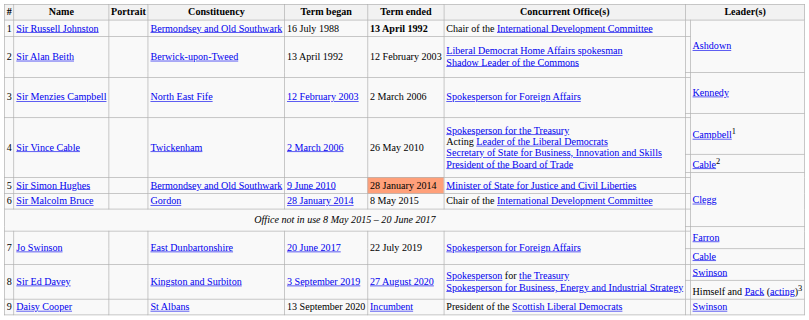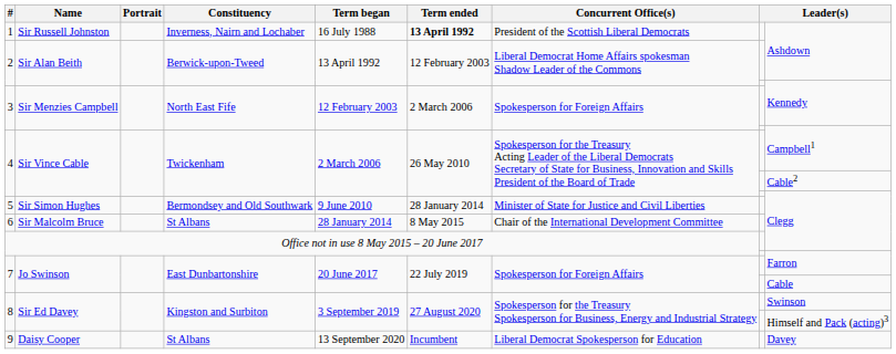 <table class="wikitable">
 <tr>
 <th>#</th>
 <th>Name</th>
 <th>Portrait</th>
 <th>Constituency</th>
 <th>Term began</th>
 <th>Term ended</th>
 <th>Concurrent Office(s)</th>
 <th colspan=2>Leader(s)</th>
 </tr>
 <tr>
 <td>1</td>
 <td><a href='#'>Sir Russell Johnston</a><br></td>
 <td></td>
-<td><a href='#'>Bermondsey and Old Southwark</a></td>
+<td><a href='#'>Inverness, Nairn and Lochaber</a></td>
 <td>16 July 1988</td>
 <td><strong>13 April 1992</strong></td>
-<td>Chair of the <a href='#'>International Development Committee</a></td>
+<td>President of the <a href='#'>Scottish Liberal Democrats</a></td>
 <td style="background-color: "></td>
 <td rowspan=2><a href='#'>Ashdown</a></td>
 </tr>
 <tr>
 <td rowspan=2>2</td>
 <td rowspan=2><a href='#'>Sir Alan Beith</a><br></td>
 <td rowspan=2></td>
 <td rowspan=2><a href='#'>Berwick-upon-Tweed</a></td>
 <td rowspan=2>13 April 1992</td>
 <td rowspan=2>12 February 2003</td>
 <td rowspan=2><a href='#'>Liberal Democrat Home Affairs spokesman</a><br><a href='#'>Shadow Leader of the Commons</a></td>
 <td height=50 style="background-color: "></td>
 </tr>
 <tr>
 <td style="background-color: "></td>
 <td rowspan=2><a href='#'>Kennedy</a></td>
 </tr>
 <tr>
 <td rowspan=2>3</td>
 <td rowspan=2><a href='#'>Sir Menzies Campbell</a><br></td>
 <td rowspan=2></td>
 <td rowspan=2><a href='#'>North East Fife</a></td>
 <td rowspan=2><a href='#'>12 February 2003</a></td>
 <td rowspan=2>2 March 2006</td>
 <td rowspan=2><a href='#'>Spokesperson for Foreign Affairs</a></td>
 <td height=50 style="background-color: "></td>
 </tr>
 <tr>
 <td style="background-color: "></td>
 <td rowspan=2><a href='#'>Campbell</a><sup>1</sup></td>
 </tr>
 <tr>
 <td rowspan=3>4</td>
 <td rowspan=3><a href='#'>Sir Vince Cable</a><br></td>
 <td rowspan=3></td>
 <td rowspan=3><a href='#'>Twickenham</a></td>
 <td rowspan=3><a href='#'>2 March 2006</a></td>
 <td rowspan=3>26 May 2010</td>
 <td rowspan=3><a href='#'>Spokesperson for the Treasury</a><br>Acting <a href='#'>Leader of the Liberal Democrats</a><br><a href='#'>Secretary of State for Business, Innovation and Skills</a><br><a href='#'>President of the Board of Trade</a></td>
 <td height=50 style="background-color: "></td>
 </tr>
 <tr>
 <td style="background-color: "></td>
 <td><a href='#'>Cable</a><sup>2</sup></td>
 </tr>
 <tr>
 <td style="background-color: "></td>
 <td rowspan=4><a href='#'>Clegg</a></td>
 </tr>
 <tr>
 <td>5</td>
 <td><a href='#'>Sir Simon Hughes</a><br></td>
 <td></td>
 <td><a href='#'>Bermondsey and Old Southwark</a></td>
 <td><a href='#'>9 June 2010</a></td>
-<td style="background: lightsalmon;">28 January 2014</td>
+<td>28 January 2014</td>
 <td><a href='#'>Minister of State for Justice and Civil Liberties</a></td>
 <td style="background-color: "></td>
 </tr>
 <tr>
 <td>6</td>
 <td><a href='#'>Sir Malcolm Bruce</a><br></td>
 <td></td>
-<td><a href='#'>Gordon</a></td>
+<td><a href='#'>St Albans</a></td>
 <td><a href='#'>28 January 2014</a></td>
 <td>8 May 2015</td>
 <td>Chair of the <a href='#'>International Development Committee</a></td>
 <td style="background-color: "></td>
 </tr>
 <tr>
 <td colspan="7" rowspan="2" style="text-align:center;"><em>Office not in use 8 May 2015 – 20 June 2017</em></td>
 <td height=20 style="background-color: "></td>
 </tr>
 <tr>
 <td style="background-color: "></td>
 <td rowspan=2><a href='#'>Farron</a></td>
 </tr>
 <tr>
 <td rowspan=2>7</td>
 <td rowspan=2><a href='#'>Jo Swinson</a><br></td>
 <td rowspan=2></td>
 <td rowspan=2><a href='#'>East Dunbartonshire</a></td>
 <td rowspan=2><a href='#'>20 June 2017</a></td>
 <td rowspan=2>22 July 2019</td>
 <td rowspan=2><a href='#'>Spokesperson for Foreign Affairs</a></td>
 <td height=20 style="background-color: "></td>
 </tr>
 <tr>
 <td style="background-color: "></td>
 <td><a href='#'>Cable</a></td>
 </tr>
 <tr>
 <td rowspan="2">8</td>
 <td rowspan="2"><a href='#'>Sir Ed Davey</a><br></td>
 <td rowspan="2"></td>
 <td rowspan="2"><a href='#'>Kingston and Surbiton</a></td>
 <td rowspan="2"><a href='#'>3 September 2019</a></td>
 <td rowspan="2"><a href='#'>27 August 2020</a></td>
 <td rowspan="2"><a href='#'>Spokesperson</a> for <a href='#'>the Treasury</a><br><a href='#'>Spokesperson for Business, Energy and Industrial Strategy</a></td>
 <td style="background-color: "></td>
 <td><a href='#'>Swinson</a> <br></td>
 </tr>
 <tr>
 <td style="background-color: "></td>
 <td>Himself and <a href='#'>Pack</a> (<a href='#'>acting</a>)<sup>3</sup></td>
 </tr>
 <tr>
 <td>9</td>
 <td><a href='#'>Daisy Cooper</a><br></td>
 <td></td>
 <td><a href='#'>St Albans</a></td>
 <td>13 September 2020</td>
 <td><a href='#'>Incumbent</a></td>
-<td>President of the <a href='#'>Scottish Liberal Democrats</a></td>
+<td><a href='#'>Liberal Democrat Spokesperson</a> for <a href='#'>Education</a></td>
 <td style="background-color: "></td>
-<td><a href='#'>Swinson</a> <br></td>
+<td><a href='#'>Davey</a></td>
 </tr>
 </table>
